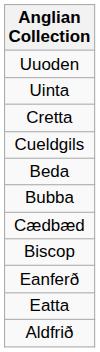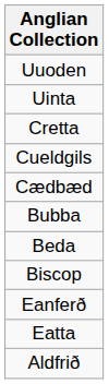 <table class="wikitable floatright" style="text-align: center;">
 <tr>
 <th>Anglian<br>Collection</th>
 </tr>
 <tr>
 <td>Uuoden</td>
 </tr>
 <tr>
 <td>Uinta</td>
 </tr>
 <tr>
 <td>Cretta</td>
 </tr>
 <tr>
 <td>Cueldgils</td>
 </tr>
 <tr>
-<td>Beda</td>
+<td>Cædbæd</td>
 </tr>
 <tr>
 <td>Bubba</td>
 </tr>
 <tr>
-<td>Cædbæd</td>
+<td>Beda</td>
 </tr>
 <tr>
 <td>Biscop</td>
 </tr>
 <tr>
 <td>Eanferð</td>
 </tr>
 <tr>
 <td>Eatta</td>
 </tr>
 <tr>
 <td>Aldfrið</td>
 </tr>
 </table>
